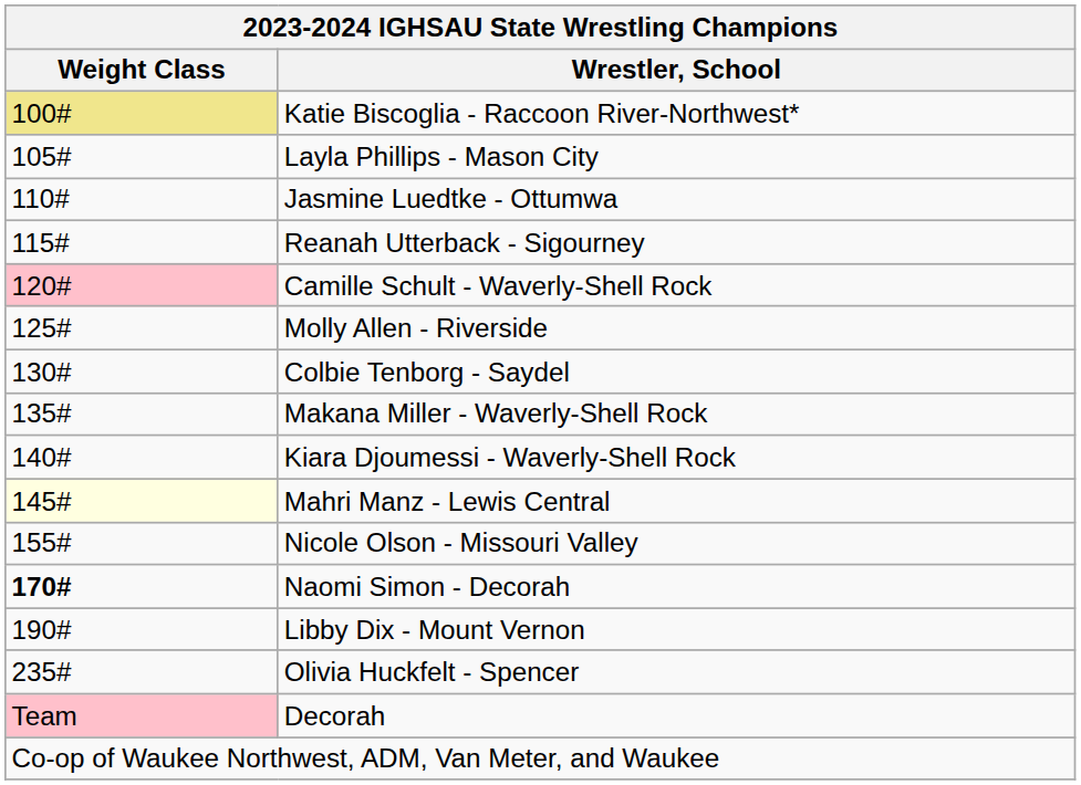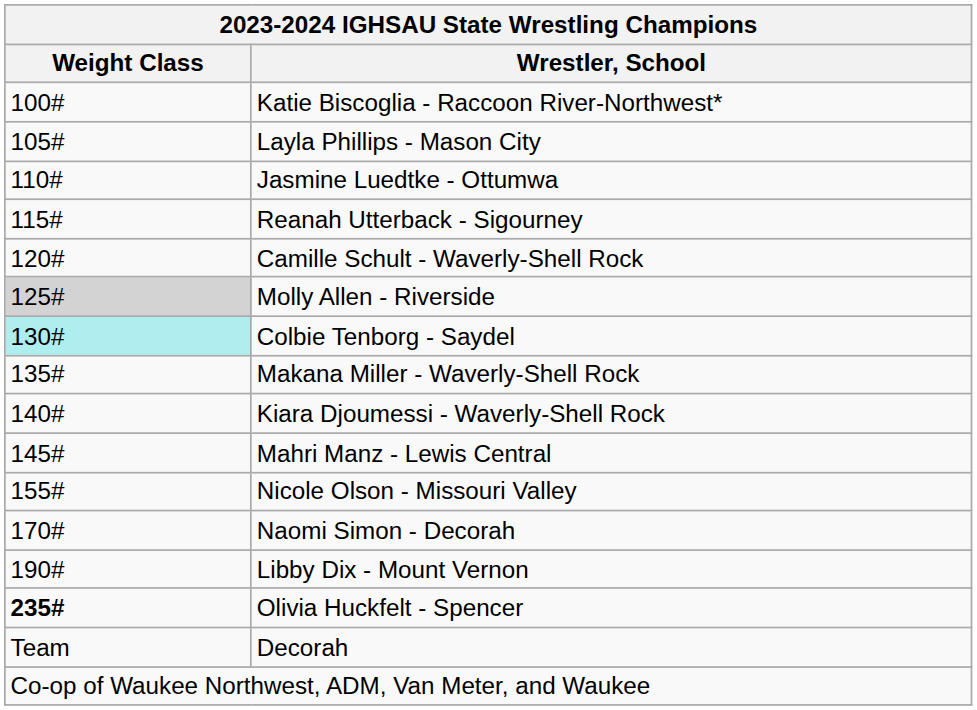 <table class="wikitable collapsible collapsed" style="font-size:88%; min-width:40em">
 <tr>
 <th colspan=3>2023-2024 IGHSAU State Wrestling Champions</th>
 </tr>
 <tr>
 <th>Weight Class</th>
 <th>Wrestler, School</th>
 </tr>
 <tr>
-<td style="background: khaki;">100#</td>
+<td>100#</td>
 <td>Katie Biscoglia - Raccoon River-Northwest*</td>
 </tr>
 <tr>
 <td>105#</td>
 <td>Layla Phillips - Mason City</td>
 </tr>
 <tr>
 <td>110#</td>
 <td>Jasmine Luedtke - Ottumwa</td>
 </tr>
 <tr>
 <td>115#</td>
 <td>Reanah Utterback - Sigourney</td>
 </tr>
 <tr>
-<td style="background: pink;">120#</td>
+<td>120#</td>
 <td>Camille Schult - Waverly-Shell Rock</td>
 </tr>
 <tr>
-<td>125#</td>
+<td style="background: lightgrey;">125#</td>
 <td>Molly Allen - Riverside</td>
 </tr>
 <tr>
-<td>130#</td>
+<td style="background: paleturquoise;">130#</td>
 <td>Colbie Tenborg - Saydel</td>
 </tr>
 <tr>
 <td>135#</td>
 <td>Makana Miller - Waverly-Shell Rock</td>
 </tr>
 <tr>
 <td>140#</td>
 <td>Kiara Djoumessi - Waverly-Shell Rock</td>
 </tr>
 <tr>
-<td style="background: lightyellow;">145#</td>
+<td>145#</td>
 <td>Mahri Manz - Lewis Central</td>
 </tr>
 <tr>
 <td>155#</td>
 <td>Nicole Olson - Missouri Valley</td>
 </tr>
 <tr>
-<td><strong>170#</strong></td>
+<td>170#</td>
 <td>Naomi Simon - Decorah</td>
 </tr>
 <tr>
 <td>190#</td>
 <td>Libby Dix - Mount Vernon</td>
 </tr>
 <tr>
-<td>235#</td>
+<td><strong>235#</strong></td>
 <td>Olivia Huckfelt - Spencer</td>
 </tr>
 <tr>
-<td style="background: pink;">Team</td>
+<td>Team</td>
 <td>Decorah</td>
 </tr>
 <tr>
 <td colspan="3" style="text-align:left;">Co-op of Waukee Northwest, ADM, Van Meter, and Waukee</td>
 </tr>
 </table>
